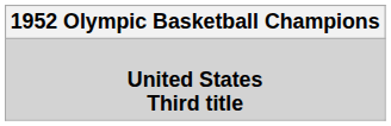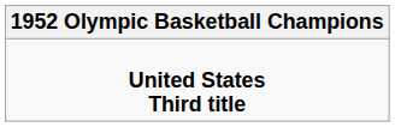 <table class=wikitable style="text-align:center">
 <tr>
 <th>1952 Olympic Basketball Champions</th>
 </tr>
 <tr>
-<td style="background: lightgrey;"> <br> <strong>United States</strong> <br> <strong>Third title</strong></td>
+<td> <br> <strong>United States</strong> <br> <strong>Third title</strong></td>
 </tr>
 </table>
